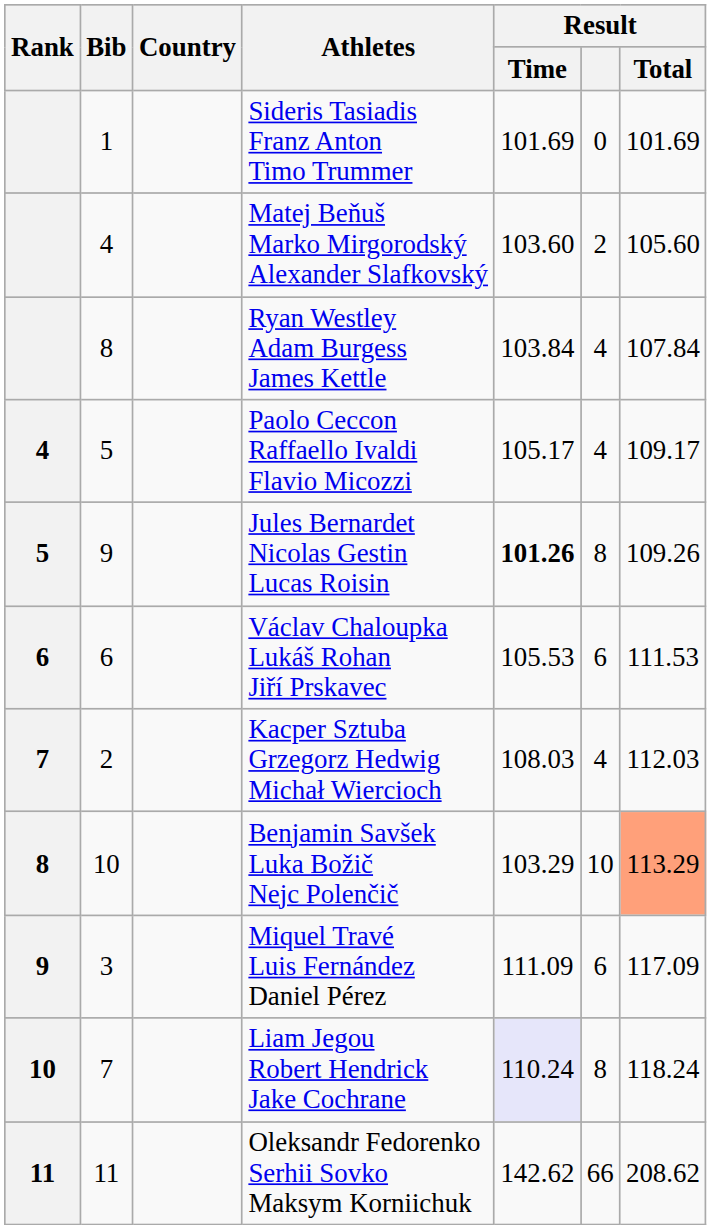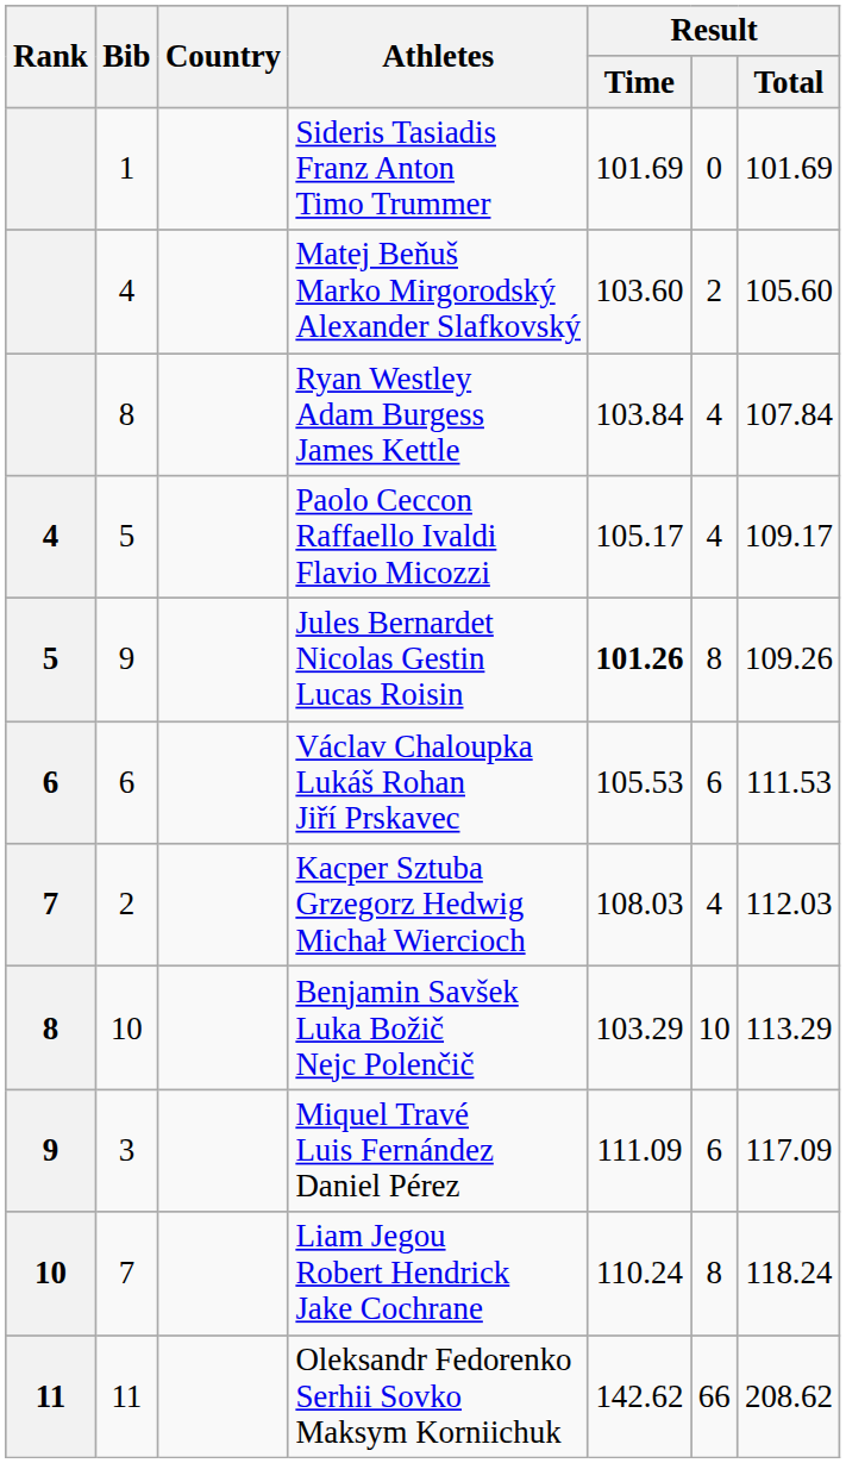 <table class="wikitable" style="text-align:center">
 <tr>
 <th rowspan=2>Rank</th>
 <th rowspan=2>Bib</th>
 <th rowspan=2>Country</th>
 <th rowspan=2>Athletes</th>
 <th colspan=3>Result</th>
 </tr>
 <tr>
 <th>Time</th>
 <th></th>
 <th>Total</th>
 </tr>
 <tr>
 <th></th>
 <td>1</td>
 <td align=left></td>
 <td align=left><a href='#'>Sideris Tasiadis</a><br><a href='#'>Franz Anton</a><br><a href='#'>Timo Trummer</a></td>
 <td>101.69</td>
 <td>0</td>
 <td>101.69</td>
 </tr>
 <tr>
 <th></th>
 <td>4</td>
 <td align=left></td>
 <td align=left><a href='#'>Matej Beňuš</a><br><a href='#'>Marko Mirgorodský</a><br><a href='#'>Alexander Slafkovský</a></td>
 <td>103.60</td>
 <td>2</td>
 <td>105.60</td>
 </tr>
 <tr>
 <th></th>
 <td>8</td>
 <td align=left></td>
 <td align=left><a href='#'>Ryan Westley</a><br><a href='#'>Adam Burgess</a><br><a href='#'>James Kettle</a></td>
 <td>103.84</td>
 <td>4</td>
 <td>107.84</td>
 </tr>
 <tr>
 <th>4</th>
 <td>5</td>
 <td align=left></td>
 <td align=left><a href='#'>Paolo Ceccon</a><br><a href='#'>Raffaello Ivaldi</a><br><a href='#'>Flavio Micozzi</a></td>
 <td>105.17</td>
 <td>4</td>
 <td>109.17</td>
 </tr>
 <tr>
 <th>5</th>
 <td>9</td>
 <td align=left></td>
 <td align=left><a href='#'>Jules Bernardet</a><br><a href='#'>Nicolas Gestin</a><br><a href='#'>Lucas Roisin</a></td>
 <td><strong>101.26</strong></td>
 <td>8</td>
 <td>109.26</td>
 </tr>
 <tr>
 <th>6</th>
 <td>6</td>
 <td align=left></td>
 <td align=left><a href='#'>Václav Chaloupka</a><br><a href='#'>Lukáš Rohan</a><br><a href='#'>Jiří Prskavec</a></td>
 <td>105.53</td>
 <td>6</td>
 <td>111.53</td>
 </tr>
 <tr>
 <th>7</th>
 <td>2</td>
 <td align=left></td>
 <td align=left><a href='#'>Kacper Sztuba</a><br><a href='#'>Grzegorz Hedwig</a><br><a href='#'>Michał Wiercioch</a></td>
 <td>108.03</td>
 <td>4</td>
 <td>112.03</td>
 </tr>
 <tr>
 <th>8</th>
 <td>10</td>
 <td align=left></td>
 <td align=left><a href='#'>Benjamin Savšek</a><br><a href='#'>Luka Božič</a><br><a href='#'>Nejc Polenčič</a></td>
 <td>103.29</td>
 <td>10</td>
-<td style="background: lightsalmon;">113.29</td>
+<td>113.29</td>
 </tr>
 <tr>
 <th>9</th>
 <td>3</td>
 <td align=left></td>
 <td align=left><a href='#'>Miquel Travé</a><br><a href='#'>Luis Fernández</a><br>Daniel Pérez</td>
 <td>111.09</td>
 <td>6</td>
 <td>117.09</td>
 </tr>
 <tr>
 <th>10</th>
 <td>7</td>
 <td align=left></td>
 <td align=left><a href='#'>Liam Jegou</a><br><a href='#'>Robert Hendrick</a><br><a href='#'>Jake Cochrane</a></td>
-<td style="background: lavender;">110.24</td>
+<td>110.24</td>
 <td>8</td>
 <td>118.24</td>
 </tr>
 <tr>
 <th>11</th>
 <td>11</td>
 <td align=left></td>
 <td align=left>Oleksandr Fedorenko<br><a href='#'>Serhii Sovko</a><br>Maksym Korniichuk</td>
 <td>142.62</td>
 <td>66</td>
 <td>208.62</td>
 </tr>
 </table>
